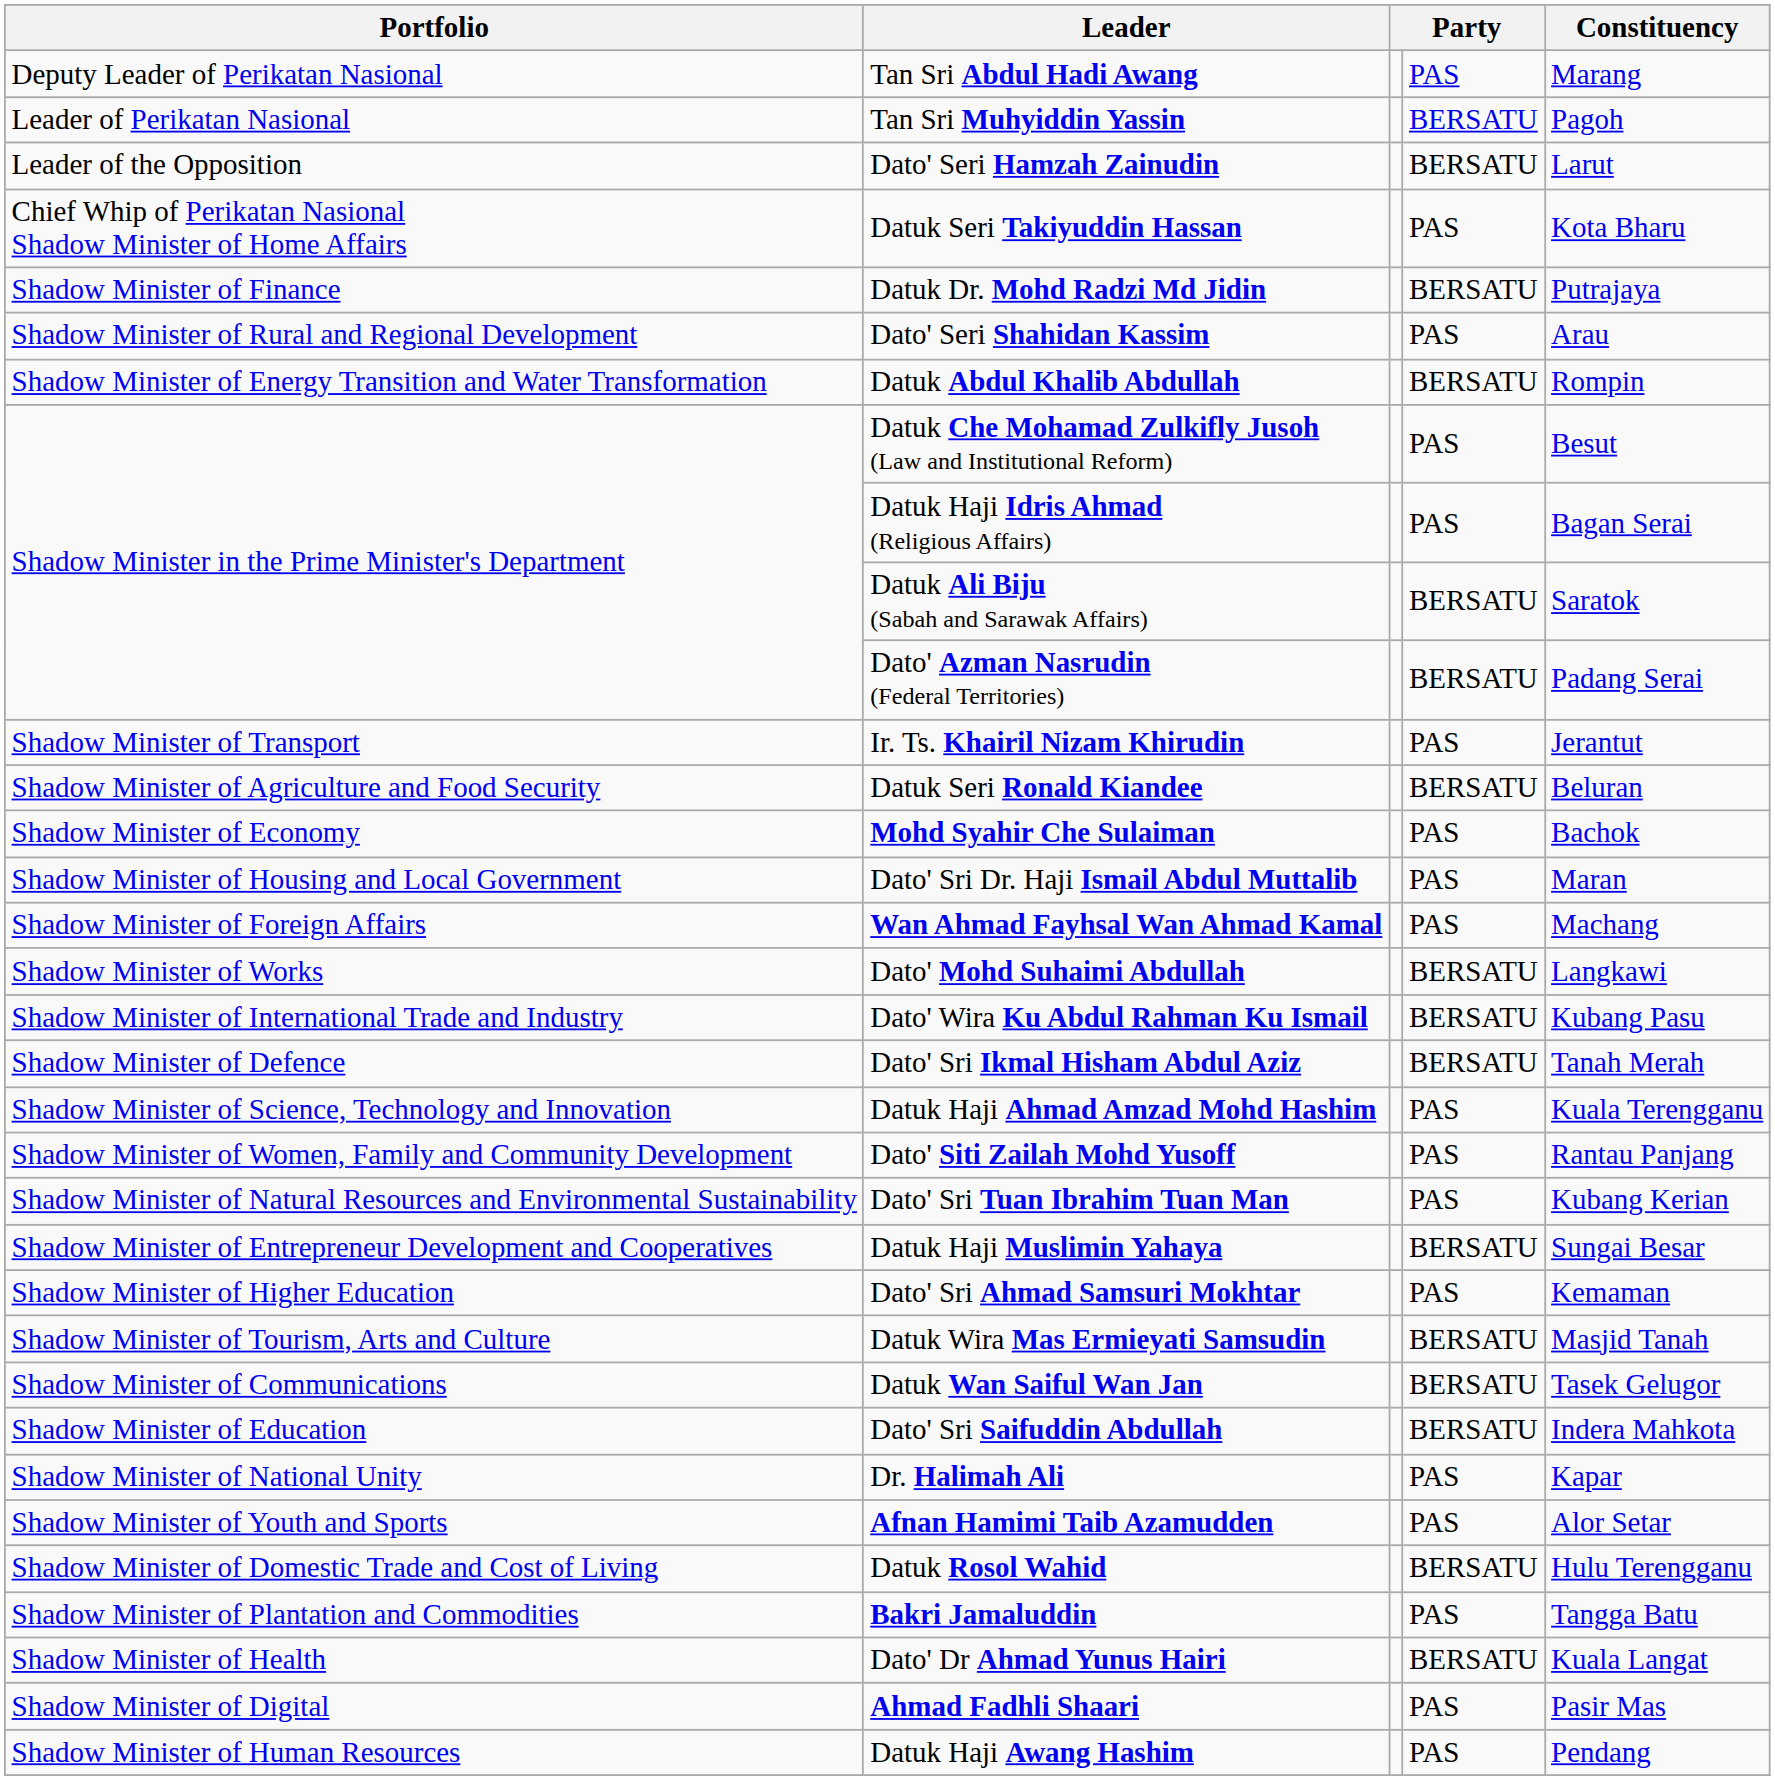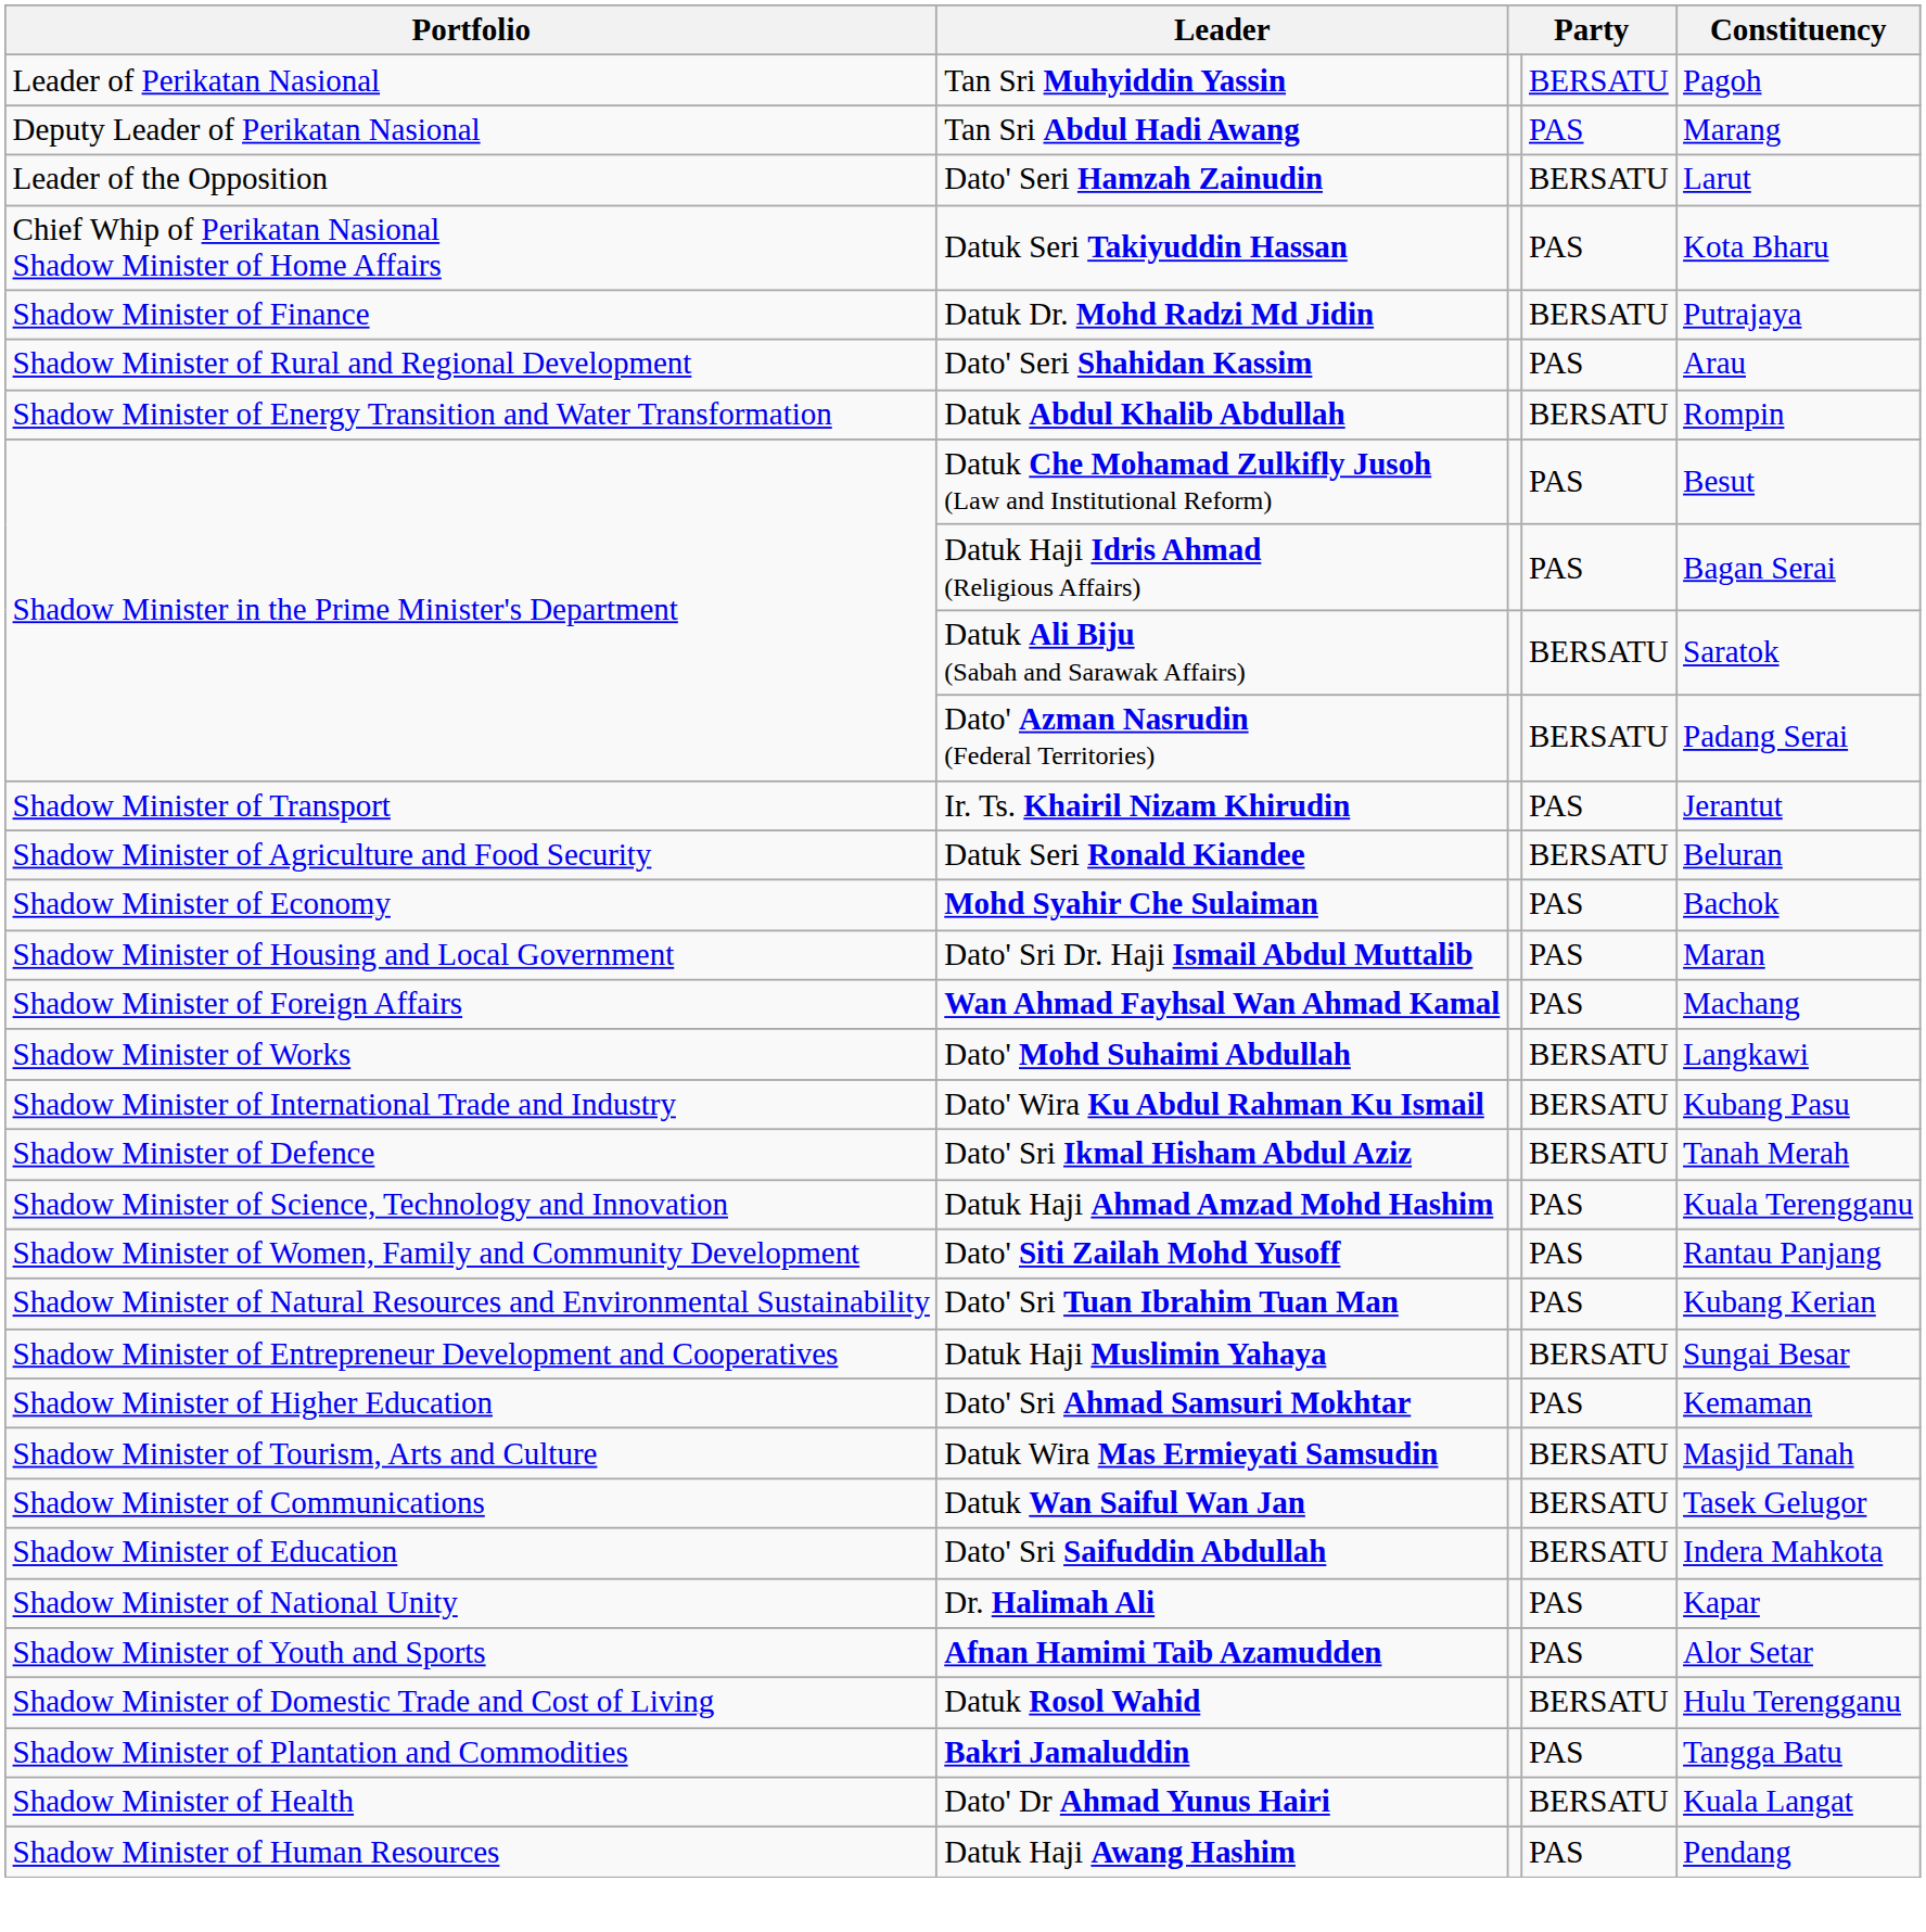 <table class="sortable wikitable">
 <tr>
 <th>Portfolio</th>
 <th>Leader</th>
 <th colspan=2>Party</th>
 <th>Constituency</th>
 </tr>
 <tr>
+<td>Leader of <a href='#'>Perikatan Nasional</a></td>
+<td>Tan Sri <strong><a href='#'>Muhyiddin Yassin</a></strong> </td>
+<td style="background:"></td>
+<td><a href='#'>BERSATU</a></td>
+<td><a href='#'>Pagoh</a></td>
+</tr>
+<tr>
 <td>Deputy Leader of <a href='#'>Perikatan Nasional</a></td>
 <td>Tan Sri <strong><a href='#'>Abdul Hadi Awang</a></strong> </td>
 <td style="background:"></td>
 <td><a href='#'>PAS</a></td>
 <td><a href='#'>Marang</a></td>
-</tr>
-<tr>
-<td>Leader of <a href='#'>Perikatan Nasional</a></td>
-<td>Tan Sri <strong><a href='#'>Muhyiddin Yassin</a></strong> </td>
-<td style="background:"></td>
-<td><a href='#'>BERSATU</a></td>
-<td><a href='#'>Pagoh</a></td>
 </tr>
 <tr>
 <td>Leader of the Opposition</td>
 <td>Dato' Seri <strong><a href='#'>Hamzah Zainudin</a></strong> </td>
 <td style="background:"></td>
 <td>BERSATU</td>
 <td><a href='#'>Larut</a></td>
 </tr>
 <tr>
 <td>Chief Whip of <a href='#'>Perikatan Nasional</a> <br> <a href='#'>Shadow Minister of Home Affairs</a></td>
 <td>Datuk Seri <strong><a href='#'>Takiyuddin Hassan</a></strong> </td>
 <td style="background:"></td>
 <td>PAS</td>
 <td><a href='#'>Kota Bharu</a></td>
 </tr>
 <tr>
 <td><a href='#'>Shadow Minister of Finance</a></td>
 <td>Datuk Dr. <strong><a href='#'>Mohd Radzi Md Jidin</a></strong> </td>
 <td style="background:"></td>
 <td>BERSATU</td>
 <td><a href='#'>Putrajaya</a></td>
 </tr>
 <tr>
 <td><a href='#'>Shadow Minister of Rural and Regional Development</a></td>
 <td>Dato' Seri <strong><a href='#'>Shahidan Kassim</a></strong> </td>
 <td style="background:"></td>
 <td>PAS</td>
 <td><a href='#'>Arau</a></td>
 </tr>
 <tr>
 <td><a href='#'>Shadow Minister of Energy Transition and Water Transformation</a></td>
 <td>Datuk <strong><a href='#'>Abdul Khalib Abdullah</a></strong> </td>
 <td style="background:"></td>
 <td>BERSATU</td>
 <td><a href='#'>Rompin</a></td>
 </tr>
 <tr>
 <td rowspan="4"><a href='#'>Shadow Minister in the Prime Minister's Department</a></td>
 <td>Datuk <strong><a href='#'>Che Mohamad Zulkifly Jusoh</a></strong> <br><small>(Law and Institutional Reform)</small></td>
 <td style="background:"></td>
 <td>PAS</td>
 <td><a href='#'>Besut</a></td>
 </tr>
 <tr>
 <td>Datuk Haji <a href='#'><strong>Idris Ahmad</strong></a> <br><small>(Religious Affairs)</small></td>
 <td style="background:"></td>
 <td>PAS</td>
 <td><a href='#'>Bagan Serai</a></td>
 </tr>
 <tr>
 <td>Datuk <strong><a href='#'>Ali Biju</a></strong> <br><small>(Sabah and Sarawak Affairs)</small></td>
 <td style="background:"></td>
 <td>BERSATU</td>
 <td><a href='#'>Saratok</a></td>
 </tr>
 <tr>
 <td>Dato' <strong><a href='#'>Azman Nasrudin</a></strong> <br><small>(Federal Territories)</small></td>
 <td style="background:"></td>
 <td>BERSATU</td>
 <td><a href='#'>Padang Serai</a></td>
 </tr>
 <tr>
 <td><a href='#'>Shadow Minister of Transport</a></td>
 <td>Ir. Ts. <strong><a href='#'>Khairil Nizam Khirudin</a></strong> </td>
 <td style="background:"></td>
 <td>PAS</td>
 <td><a href='#'>Jerantut</a></td>
 </tr>
 <tr>
 <td><a href='#'>Shadow Minister of Agriculture and Food Security</a></td>
 <td>Datuk Seri <strong><a href='#'>Ronald Kiandee</a></strong> </td>
 <td style="background:"></td>
 <td>BERSATU</td>
 <td><a href='#'>Beluran</a></td>
 </tr>
 <tr>
 <td><a href='#'>Shadow Minister of Economy</a></td>
 <td><strong><a href='#'>Mohd Syahir Che Sulaiman</a></strong> </td>
 <td style="background:"></td>
 <td>PAS</td>
 <td><a href='#'>Bachok</a></td>
 </tr>
 <tr>
 <td><a href='#'>Shadow Minister of Housing and Local Government</a></td>
 <td>Dato' Sri Dr. Haji <strong><a href='#'>Ismail Abdul Muttalib</a></strong> </td>
 <td style="background:"></td>
 <td>PAS</td>
 <td><a href='#'>Maran</a></td>
 </tr>
 <tr>
 <td><a href='#'>Shadow Minister of Foreign Affairs</a></td>
 <td><strong><a href='#'>Wan Ahmad Fayhsal Wan Ahmad Kamal</a></strong> </td>
 <td style="background:"></td>
 <td>PAS</td>
 <td><a href='#'>Machang</a></td>
 </tr>
 <tr>
 <td><a href='#'>Shadow Minister of Works</a></td>
 <td>Dato' <strong><a href='#'>Mohd Suhaimi Abdullah</a></strong> </td>
 <td style="background:"></td>
 <td>BERSATU</td>
 <td><a href='#'>Langkawi</a></td>
 </tr>
 <tr>
 <td><a href='#'>Shadow Minister of International Trade and Industry</a></td>
 <td>Dato' Wira <strong><a href='#'>Ku Abdul Rahman Ku Ismail</a></strong> </td>
 <td style="background:"></td>
 <td>BERSATU</td>
 <td><a href='#'>Kubang Pasu</a></td>
 </tr>
 <tr>
 <td><a href='#'>Shadow Minister of Defence</a></td>
 <td>Dato' Sri <strong><a href='#'>Ikmal Hisham Abdul Aziz</a></strong> </td>
 <td style="background:"></td>
 <td>BERSATU</td>
 <td><a href='#'>Tanah Merah</a></td>
 </tr>
 <tr>
 <td><a href='#'>Shadow Minister of Science, Technology and Innovation</a></td>
 <td>Datuk Haji <a href='#'><strong>Ahmad Amzad Mohd Hashim</strong></a> </td>
 <td style="background:"></td>
 <td>PAS</td>
 <td><a href='#'>Kuala Terengganu</a></td>
 </tr>
 <tr>
 <td><a href='#'>Shadow Minister of Women, Family and Community Development</a></td>
 <td>Dato' <strong><a href='#'>Siti Zailah Mohd Yusoff</a></strong> </td>
 <td style="background:"></td>
 <td>PAS</td>
 <td><a href='#'>Rantau Panjang</a></td>
 </tr>
 <tr>
 <td><a href='#'>Shadow Minister of Natural Resources and Environmental Sustainability</a></td>
 <td>Dato' Sri <strong><a href='#'>Tuan Ibrahim Tuan Man</a></strong>  <strong></strong></td>
 <td style="background:"></td>
 <td>PAS</td>
 <td><a href='#'>Kubang Kerian</a></td>
 </tr>
 <tr>
 <td><a href='#'>Shadow Minister of Entrepreneur Development and Cooperatives</a></td>
 <td>Datuk Haji <strong><a href='#'>Muslimin Yahaya</a></strong> </td>
 <td style="background:"></td>
 <td>BERSATU</td>
 <td><a href='#'>Sungai Besar</a></td>
 </tr>
 <tr>
 <td><a href='#'>Shadow Minister of Higher Education</a></td>
 <td>Dato' Sri <strong><a href='#'>Ahmad Samsuri Mokhtar</a></strong>  <strong></strong></td>
 <td style="background:"></td>
 <td>PAS</td>
 <td><a href='#'>Kemaman</a></td>
 </tr>
 <tr>
 <td><a href='#'>Shadow Minister of Tourism, Arts and Culture</a></td>
 <td>Datuk Wira <strong><a href='#'>Mas Ermieyati Samsudin</a></strong> </td>
 <td style="background:"></td>
 <td>BERSATU</td>
 <td><a href='#'>Masjid Tanah</a></td>
 </tr>
 <tr>
 <td><a href='#'>Shadow Minister of Communications</a></td>
 <td>Datuk <strong><a href='#'>Wan Saiful Wan Jan</a></strong> </td>
 <td style="background:"></td>
 <td>BERSATU</td>
 <td><a href='#'>Tasek Gelugor</a></td>
 </tr>
 <tr>
 <td><a href='#'>Shadow Minister of Education</a></td>
 <td>Dato' Sri <strong><a href='#'>Saifuddin Abdullah</a></strong> </td>
 <td style="background:"></td>
 <td>BERSATU</td>
 <td><a href='#'>Indera Mahkota</a></td>
 </tr>
 <tr>
 <td><a href='#'>Shadow Minister of National Unity</a></td>
 <td>Dr. <strong><a href='#'>Halimah Ali</a></strong> </td>
 <td style="background:"></td>
 <td>PAS</td>
 <td><a href='#'>Kapar</a></td>
 </tr>
 <tr>
 <td><a href='#'>Shadow Minister of Youth and Sports</a></td>
 <td><strong><a href='#'>Afnan Hamimi Taib Azamudden</a></strong> </td>
 <td style="background:"></td>
 <td>PAS</td>
 <td><a href='#'>Alor Setar</a></td>
 </tr>
 <tr>
 <td><a href='#'>Shadow Minister of Domestic Trade and Cost of Living</a></td>
 <td>Datuk <strong><a href='#'>Rosol Wahid</a></strong> </td>
 <td style="background:"></td>
 <td>BERSATU</td>
 <td><a href='#'>Hulu Terengganu</a></td>
 </tr>
 <tr>
 <td><a href='#'>Shadow Minister of Plantation and Commodities</a></td>
 <td><strong><a href='#'>Bakri Jamaluddin</a></strong> </td>
 <td style="background:"></td>
 <td>PAS</td>
 <td><a href='#'>Tangga Batu</a></td>
 </tr>
 <tr>
 <td><a href='#'>Shadow Minister of Health</a></td>
 <td>Dato' Dr <strong><a href='#'>Ahmad Yunus Hairi</a></strong>  <strong></strong></td>
 <td style="background:"></td>
 <td>BERSATU</td>
 <td><a href='#'>Kuala Langat</a></td>
 </tr>
 <tr>
-<td><a href='#'>Shadow Minister of Digital</a></td>
-<td><strong><a href='#'>Ahmad Fadhli Shaari</a></strong> </td>
-<td style="background:"></td>
-<td>PAS</td>
-<td><a href='#'>Pasir Mas</a></td>
-</tr>
-<tr>
 <td><a href='#'>Shadow Minister of Human Resources</a></td>
 <td>Datuk Haji <strong><a href='#'>Awang Hashim</a></strong> </td>
 <td style="background:"></td>
 <td>PAS</td>
 <td><a href='#'>Pendang</a></td>
 </tr>
 </table>
